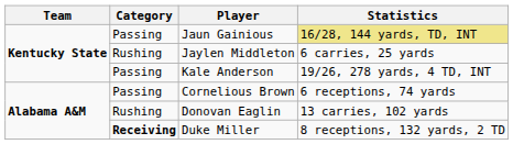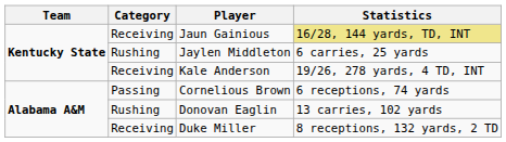 <table class="wikitable" style="float: right;">
 <tr>
 <th>Team</th>
 <th>Category</th>
 <th>Player</th>
 <th>Statistics</th>
 </tr>
 <tr>
 <td rowspan=3><strong>Kentucky State</strong></td>
-<td>Passing</td>
+<td>Receiving</td>
 <td>Jaun Gainious</td>
 <td style="background: khaki;">16/28, 144 yards, TD, INT</td>
 </tr>
 <tr>
 <td>Rushing</td>
 <td>Jaylen Middleton</td>
 <td>6 carries, 25 yards</td>
 </tr>
 <tr>
-<td>Passing</td>
+<td>Receiving</td>
 <td>Kale Anderson</td>
 <td>19/26, 278 yards, 4 TD, INT</td>
 </tr>
 <tr>
 <td rowspan=3><strong>Alabama A&M</strong></td>
 <td>Passing</td>
 <td>Cornelious Brown</td>
 <td>6 receptions, 74 yards</td>
 </tr>
 <tr>
 <td>Rushing</td>
 <td>Donovan Eaglin</td>
 <td>13 carries, 102 yards</td>
 </tr>
 <tr>
-<td><strong>Receiving</strong></td>
+<td>Receiving</td>
 <td>Duke Miller</td>
 <td>8 receptions, 132 yards, 2 TD</td>
 </tr>
 </table>
